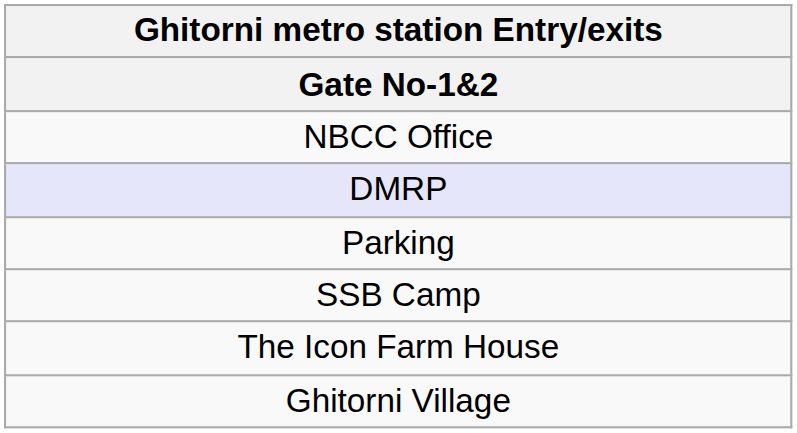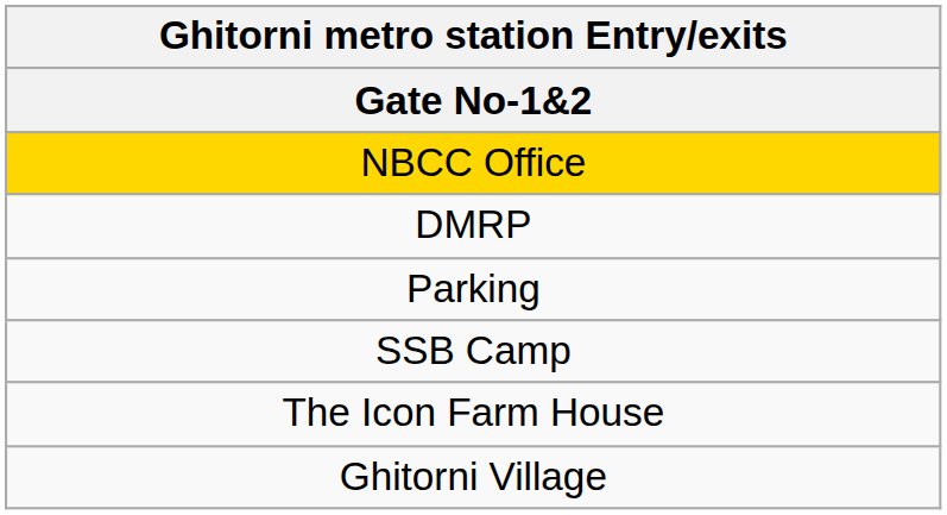 <table class="wikitable" style="text-align: center;" width="30%">
 <tr>
 <th align="center" colspan="3" style="background:#"><span>Ghitorni metro station Entry/exits</span></th>
 </tr>
 <tr>
 <th style="width:15%;">Gate No-1&2</th>
 </tr>
 <tr>
-<td>NBCC Office</td>
+<td style="background: gold;">NBCC Office</td>
 </tr>
 <tr>
-<td style="background: lavender;">DMRP</td>
+<td>DMRP</td>
 </tr>
 <tr>
 <td>Parking</td>
 </tr>
 <tr>
 <td>SSB Camp</td>
 </tr>
 <tr>
 <td>The Icon Farm House</td>
 </tr>
 <tr>
 <td>Ghitorni Village</td>
 </tr>
 </table>
